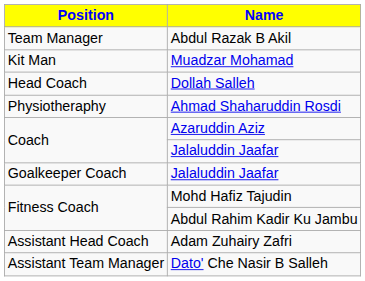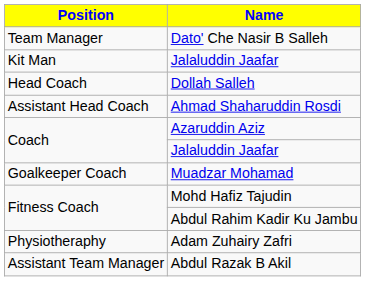 <table class="wikitable">
 <tr>
 <th style="background:Yellow; color:Blue;">Position</th>
 <th style="background:Yellow; color:Blue;">Name</th>
 </tr>
 <tr>
 <td>Team Manager</td>
-<td> Abdul Razak B Akil</td>
+<td> <a href='#'>Dato'</a> Che Nasir B Salleh</td>
 </tr>
 <tr>
 <td>Kit Man</td>
-<td> <a href='#'>Muadzar Mohamad</a></td>
+<td> <a href='#'>Jalaluddin Jaafar</a></td>
 </tr>
 <tr>
 <td>Head Coach</td>
 <td> <a href='#'>Dollah Salleh</a></td>
 </tr>
 <tr>
-<td>Physiotheraphy</td>
+<td>Assistant Head Coach</td>
 <td> <a href='#'>Ahmad Shaharuddin Rosdi</a></td>
 </tr>
 <tr>
 <td rowspan=2>Coach</td>
 <td> <a href='#'>Azaruddin Aziz</a></td>
 </tr>
 <tr>
 <td> <a href='#'>Jalaluddin Jaafar</a></td>
 </tr>
 <tr>
 <td>Goalkeeper Coach</td>
-<td> <a href='#'>Jalaluddin Jaafar</a></td>
+<td> <a href='#'>Muadzar Mohamad</a></td>
 </tr>
 <tr>
 <td rowspan=2>Fitness Coach</td>
 <td> Mohd Hafiz Tajudin</td>
 </tr>
 <tr>
 <td> Abdul Rahim Kadir Ku Jambu</td>
 </tr>
 <tr>
-<td>Assistant Head Coach</td>
+<td>Physiotheraphy</td>
 <td> Adam Zuhairy Zafri</td>
 </tr>
 <tr>
 <td>Assistant Team Manager</td>
-<td> <a href='#'>Dato'</a> Che Nasir B Salleh</td>
+<td> Abdul Razak B Akil</td>
 </tr>
 </table>
